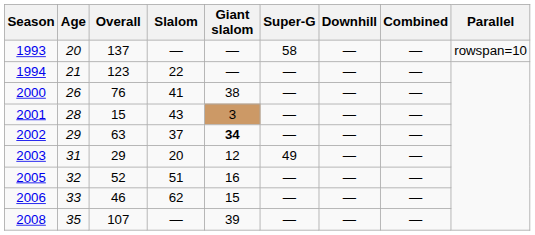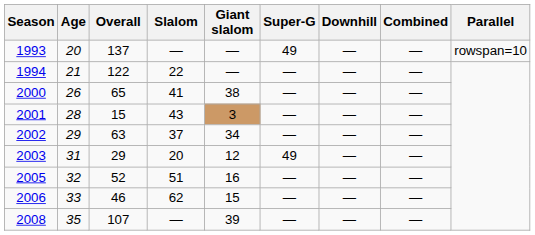 <table class="wikitable" style="text-align:center; font-size:100%;">
 <tr>
 <th>Season</th>
 <th>Age</th>
 <th> Overall </th>
 <th> Slalom </th>
 <th>Giant<br> slalom </th>
 <th>Super-G</th>
 <th>Downhill</th>
 <th>Combined</th>
 <th>Parallel</th>
 </tr>
 <tr>
 <td><a href='#'>1993</a></td>
 <td><em>20</em></td>
 <td>137</td>
 <td>—</td>
 <td>—</td>
-<td>58</td>
+<td>49</td>
 <td>—</td>
 <td>—</td>
 <td>rowspan=10 </td>
 </tr>
 <tr>
 <td><a href='#'>1994</a></td>
 <td><em>21</em></td>
-<td>123</td>
+<td>122</td>
 <td>22</td>
 <td>—</td>
 <td>—</td>
 <td>—</td>
 <td>—</td>
 </tr>
 <tr>
 <td><a href='#'>2000</a></td>
 <td><em>26</em></td>
-<td>76</td>
+<td>65</td>
 <td>41</td>
 <td>38</td>
 <td>—</td>
 <td>—</td>
 <td>—</td>
 </tr>
 <tr>
 <td><a href='#'>2001</a></td>
 <td><em>28</em></td>
 <td>15</td>
 <td>43</td>
 <td style="background:#c96;">3</td>
 <td>—</td>
 <td>—</td>
 <td>—</td>
 </tr>
 <tr>
 <td><a href='#'>2002</a></td>
 <td><em>29</em></td>
 <td>63</td>
 <td>37</td>
-<td><strong>34</strong></td>
+<td>34</td>
 <td>—</td>
 <td>—</td>
 <td>—</td>
 </tr>
 <tr>
 <td><a href='#'>2003</a></td>
 <td><em>31</em></td>
 <td>29</td>
 <td>20</td>
 <td>12</td>
 <td>49</td>
 <td>—</td>
 <td>—</td>
 </tr>
 <tr>
 <td><a href='#'>2005</a></td>
 <td><em>32</em></td>
 <td>52</td>
 <td>51</td>
 <td>16</td>
 <td>—</td>
 <td>—</td>
 <td>—</td>
 </tr>
 <tr>
 <td><a href='#'>2006</a></td>
 <td><em>33</em></td>
 <td>46</td>
 <td>62</td>
 <td>15</td>
 <td>—</td>
 <td>—</td>
 <td>—</td>
 </tr>
 <tr>
 <td><a href='#'>2008</a></td>
 <td><em>35</em></td>
 <td>107</td>
 <td>—</td>
 <td>39</td>
 <td>—</td>
 <td>—</td>
 <td>—</td>
 </tr>
 </table>
